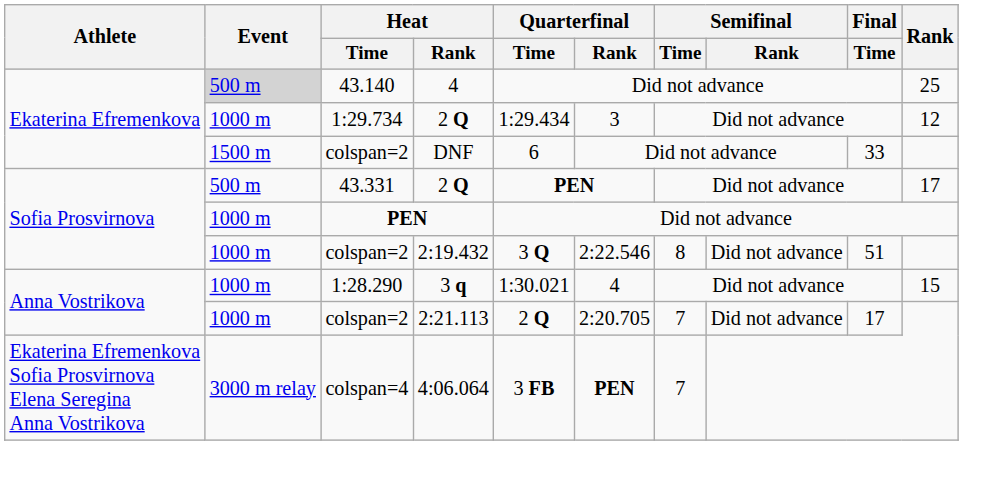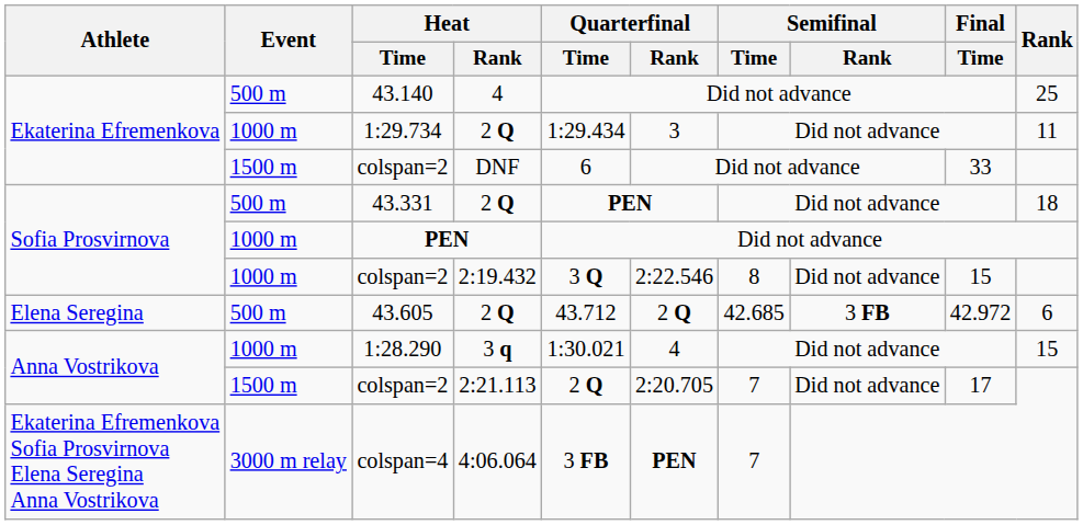 <table class=wikitable style="text-align:center; font-size:90%">
 <tr>
 <th rowspan=2>Athlete</th>
 <th rowspan=2>Event</th>
 <th colspan=2>Heat</th>
 <th colspan=2>Quarterfinal</th>
 <th colspan=2>Semifinal</th>
 <th>Final</th>
 <th rowspan=2>Rank</th>
 </tr>
 <tr style="font-size:95%">
 <th>Time</th>
 <th>Rank</th>
 <th>Time</th>
 <th>Rank</th>
 <th>Time</th>
 <th>Rank</th>
 <th>Time</th>
 </tr>
 <tr>
 <td rowspan=3 align=left><a href='#'>Ekaterina Efremenkova</a></td>
-<td align=left style="background: lightgrey;"><a href='#'>500 m</a></td>
+<td align=left><a href='#'>500 m</a></td>
 <td>43.140</td>
 <td>4</td>
 <td colspan=5>Did not advance</td>
 <td>25</td>
 </tr>
 <tr>
 <td align=left><a href='#'>1000 m</a></td>
 <td>1:29.734</td>
 <td>2 <strong>Q</strong></td>
 <td>1:29.434</td>
 <td>3</td>
 <td colspan=3>Did not advance</td>
-<td>12</td>
+<td>11</td>
 </tr>
 <tr>
 <td align=left><a href='#'>1500 m</a></td>
 <td>colspan=2 </td>
 <td>DNF</td>
 <td>6</td>
 <td colspan=3>Did not advance</td>
 <td>33</td>
 </tr>
 <tr>
 <td rowspan=3 align=left><a href='#'>Sofia Prosvirnova</a></td>
 <td align=left><a href='#'>500 m</a></td>
 <td>43.331</td>
 <td>2 <strong>Q</strong></td>
 <td colspan=2><strong>PEN</strong></td>
 <td colspan=3>Did not advance</td>
-<td>17</td>
+<td>18</td>
 </tr>
 <tr>
 <td align=left><a href='#'>1000 m</a></td>
 <td colspan=2><strong>PEN</strong></td>
 <td colspan=6>Did not advance</td>
 </tr>
 <tr>
 <td align=left><a href='#'>1000 m</a></td>
 <td>colspan=2 </td>
 <td>2:19.432</td>
 <td>3 <strong>Q</strong></td>
 <td>2:22.546</td>
 <td>8</td>
 <td>Did not advance</td>
-<td>51</td>
+<td>15</td>
+</tr>
+<tr>
+<td align=left><a href='#'>Elena Seregina</a></td>
+<td align=left><a href='#'>500 m</a></td>
+<td>43.605</td>
+<td>2 <strong>Q</strong></td>
+<td>43.712</td>
+<td>2 <strong>Q</strong></td>
+<td>42.685</td>
+<td>3 <strong>FB</strong></td>
+<td>42.972</td>
+<td>6</td>
 </tr>
 <tr>
 <td rowspan=2 align=left><a href='#'>Anna Vostrikova</a></td>
 <td align=left><a href='#'>1000 m</a></td>
 <td>1:28.290</td>
 <td>3 <strong>q</strong></td>
 <td>1:30.021</td>
 <td>4</td>
 <td colspan=3>Did not advance</td>
 <td>15</td>
 </tr>
 <tr>
-<td align=left><a href='#'>1000 m</a></td>
+<td align=left><a href='#'>1500 m</a></td>
 <td>colspan=2 </td>
 <td>2:21.113</td>
 <td>2 <strong>Q</strong></td>
 <td>2:20.705</td>
 <td>7</td>
 <td>Did not advance</td>
 <td>17</td>
 </tr>
 <tr>
 <td align=left><a href='#'>Ekaterina Efremenkova</a><br><a href='#'>Sofia Prosvirnova</a><br><a href='#'>Elena Seregina</a><br><a href='#'>Anna Vostrikova</a></td>
 <td align=left><a href='#'>3000 m relay</a></td>
 <td>colspan=4 </td>
 <td>4:06.064</td>
 <td>3 <strong>FB</strong></td>
 <td><strong>PEN</strong></td>
 <td>7</td>
 </tr>
 </table>
